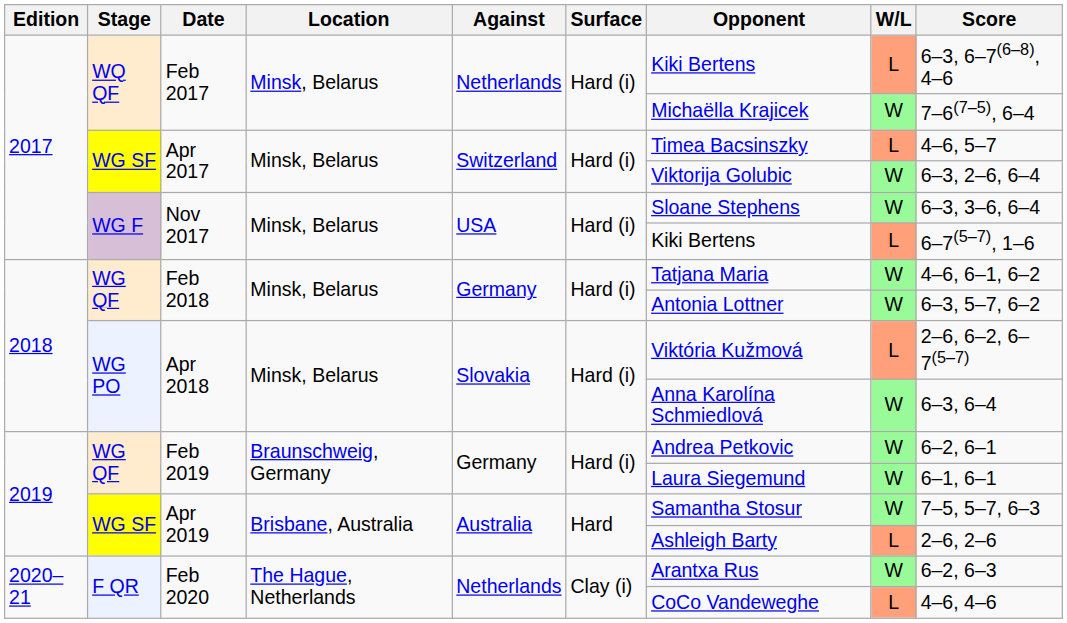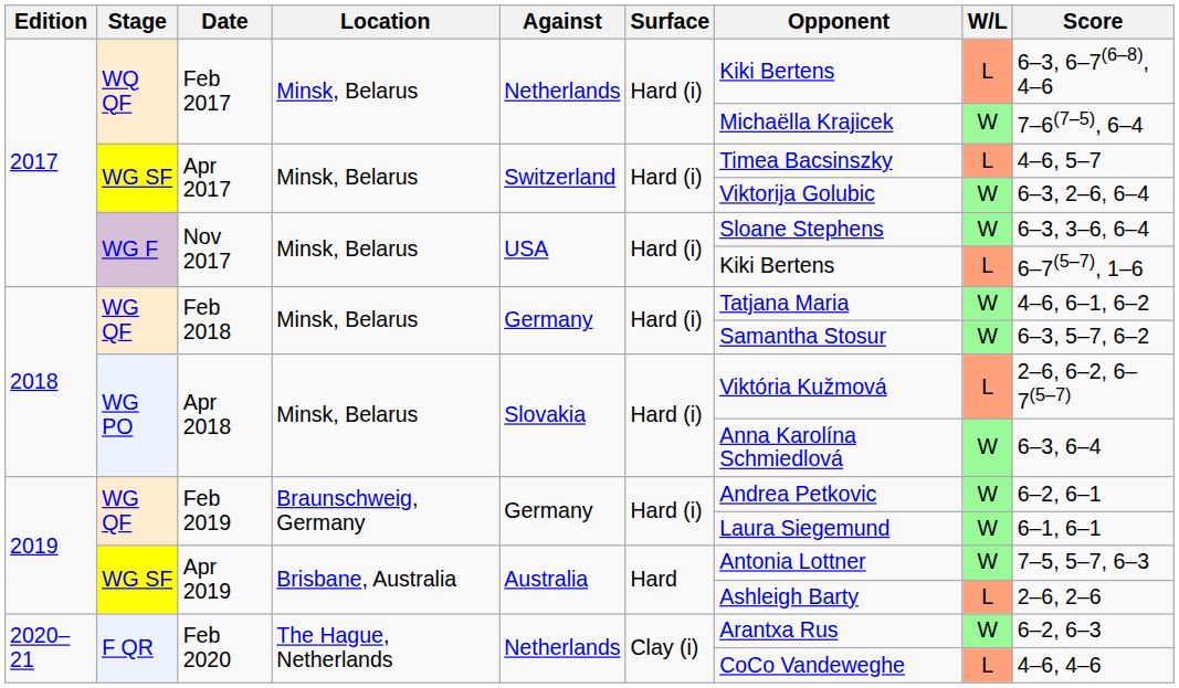 <table class="wikitable sortable">
 <tr>
 <th>Edition</th>
 <th>Stage</th>
 <th>Date</th>
 <th>Location</th>
 <th>Against</th>
 <th>Surface</th>
 <th>Opponent</th>
 <th>W/L</th>
 <th>Score</th>
 </tr>
 <tr>
 <td rowspan="6"><a href='#'>2017</a></td>
 <td bgcolor=ffebcd rowspan="2"><a href='#'>WQ QF</a></td>
 <td rowspan="2">Feb 2017</td>
 <td rowspan="2"><a href='#'>Minsk</a>, Belarus</td>
 <td rowspan="2"> <a href='#'>Netherlands</a></td>
 <td rowspan="2">Hard (i)</td>
 <td><a href='#'>Kiki Bertens</a></td>
 <td style="text-align:center; background:#ffa07a;">L</td>
 <td>6–3, 6–7<sup>(6–8)</sup>, 4–6</td>
 </tr>
 <tr>
 <td><a href='#'>Michaëlla Krajicek</a></td>
 <td style="text-align:center; background:#98fb98;">W</td>
 <td>7–6<sup>(7–5)</sup>, 6–4</td>
 </tr>
 <tr>
 <td bgcolor=yellow rowspan="2"><a href='#'>WG SF</a></td>
 <td rowspan="2">Apr 2017</td>
 <td rowspan="2">Minsk, Belarus</td>
 <td rowspan="2"> <a href='#'>Switzerland</a></td>
 <td rowspan="2">Hard (i)</td>
 <td><a href='#'>Timea Bacsinszky</a></td>
 <td style="text-align:center; background:#ffa07a;">L</td>
 <td>4–6, 5–7</td>
 </tr>
 <tr>
 <td><a href='#'>Viktorija Golubic</a></td>
 <td style="text-align:center; background:#98fb98;">W</td>
 <td>6–3, 2–6, 6–4</td>
 </tr>
 <tr>
 <td bgcolor=thistle rowspan="2"><a href='#'>WG F</a></td>
 <td rowspan="2">Nov 2017</td>
 <td rowspan="2">Minsk, Belarus</td>
 <td rowspan="2"> <a href='#'>USA</a></td>
 <td rowspan="2">Hard (i)</td>
 <td><a href='#'>Sloane Stephens</a></td>
 <td style="text-align:center; background:#98fb98;">W</td>
 <td>6–3, 3–6, 6–4</td>
 </tr>
 <tr>
 <td>Kiki Bertens</td>
 <td style="text-align:center; background:#ffa07a;">L</td>
 <td>6–7<sup>(5–7)</sup>, 1–6</td>
 </tr>
 <tr>
 <td rowspan="4"><a href='#'>2018</a></td>
 <td bgcolor=ffebcd rowspan="2"><a href='#'>WG QF</a></td>
 <td rowspan="2">Feb 2018</td>
 <td rowspan="2">Minsk, Belarus</td>
 <td rowspan="2"> <a href='#'>Germany</a></td>
 <td rowspan="2">Hard (i)</td>
 <td><a href='#'>Tatjana Maria</a></td>
 <td style="text-align:center; background:#98fb98;">W</td>
 <td>4–6, 6–1, 6–2</td>
 </tr>
 <tr>
-<td><a href='#'>Antonia Lottner</a></td>
+<td><a href='#'>Samantha Stosur</a></td>
 <td style="text-align:center; background:#98fb98;">W</td>
 <td>6–3, 5–7, 6–2</td>
 </tr>
 <tr>
 <td bgcolor=ecf2ff rowspan="2"><a href='#'>WG PO</a></td>
 <td rowspan="2">Apr 2018</td>
 <td rowspan="2">Minsk, Belarus</td>
 <td rowspan="2"> <a href='#'>Slovakia</a></td>
 <td rowspan="2">Hard (i)</td>
 <td><a href='#'>Viktória Kužmová</a></td>
 <td style="text-align:center; background:#ffa07a;">L</td>
 <td>2–6, 6–2, 6–7<sup>(5–7)</sup></td>
 </tr>
 <tr>
 <td><a href='#'>Anna Karolína Schmiedlová</a></td>
 <td style="text-align:center; background:#98fb98;">W</td>
 <td>6–3, 6–4</td>
 </tr>
 <tr>
 <td rowspan="4"><a href='#'>2019</a></td>
 <td bgcolor=ffebcd rowspan="2"><a href='#'>WG QF</a></td>
 <td rowspan="2">Feb 2019</td>
 <td rowspan="2"><a href='#'>Braunschweig</a>, Germany</td>
 <td rowspan="2"> Germany</td>
 <td rowspan="2">Hard (i)</td>
 <td><a href='#'>Andrea Petkovic</a></td>
 <td style="text-align:center; background:#98fb98;">W</td>
 <td>6–2, 6–1</td>
 </tr>
 <tr>
 <td><a href='#'>Laura Siegemund</a></td>
 <td style="text-align:center; background:#98fb98;">W</td>
 <td>6–1, 6–1</td>
 </tr>
 <tr>
 <td bgcolor=yellow  rowspan="2"><a href='#'>WG SF</a></td>
 <td rowspan="2">Apr 2019</td>
 <td rowspan="2"><a href='#'>Brisbane</a>, Australia</td>
 <td rowspan="2"> <a href='#'>Australia</a></td>
 <td rowspan="2">Hard</td>
-<td><a href='#'>Samantha Stosur</a></td>
+<td><a href='#'>Antonia Lottner</a></td>
 <td style="text-align:center; background:#98fb98;">W</td>
 <td>7–5, 5–7, 6–3</td>
 </tr>
 <tr>
 <td><a href='#'>Ashleigh Barty</a></td>
 <td style="text-align:center; background:#ffa07a;">L</td>
 <td>2–6, 2–6</td>
 </tr>
 <tr>
 <td rowspan="5"><a href='#'>2020–21</a></td>
 <td bgcolor=ecf2ff rowspan="2"><a href='#'>F QR</a></td>
 <td rowspan="2">Feb 2020</td>
 <td rowspan="2"><a href='#'>The Hague</a>, Netherlands</td>
 <td rowspan="2"> <a href='#'>Netherlands</a></td>
 <td rowspan="2">Clay (i)</td>
 <td><a href='#'>Arantxa Rus</a></td>
 <td style="text-align:center; background:#98fb98;">W</td>
 <td>6–2, 6–3</td>
 </tr>
 <tr>
 <td><a href='#'>CoCo Vandeweghe</a></td>
 <td style="text-align:center; background:#ffa07a;">L</td>
 <td>4–6, 4–6</td>
 </tr>
 </table>
